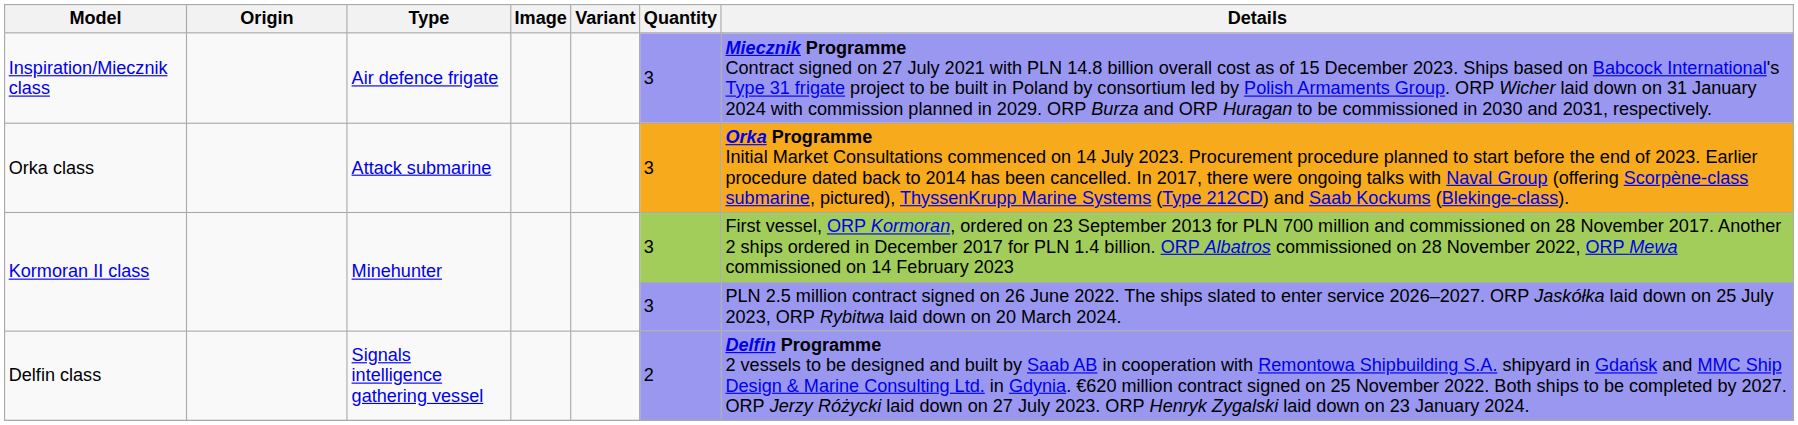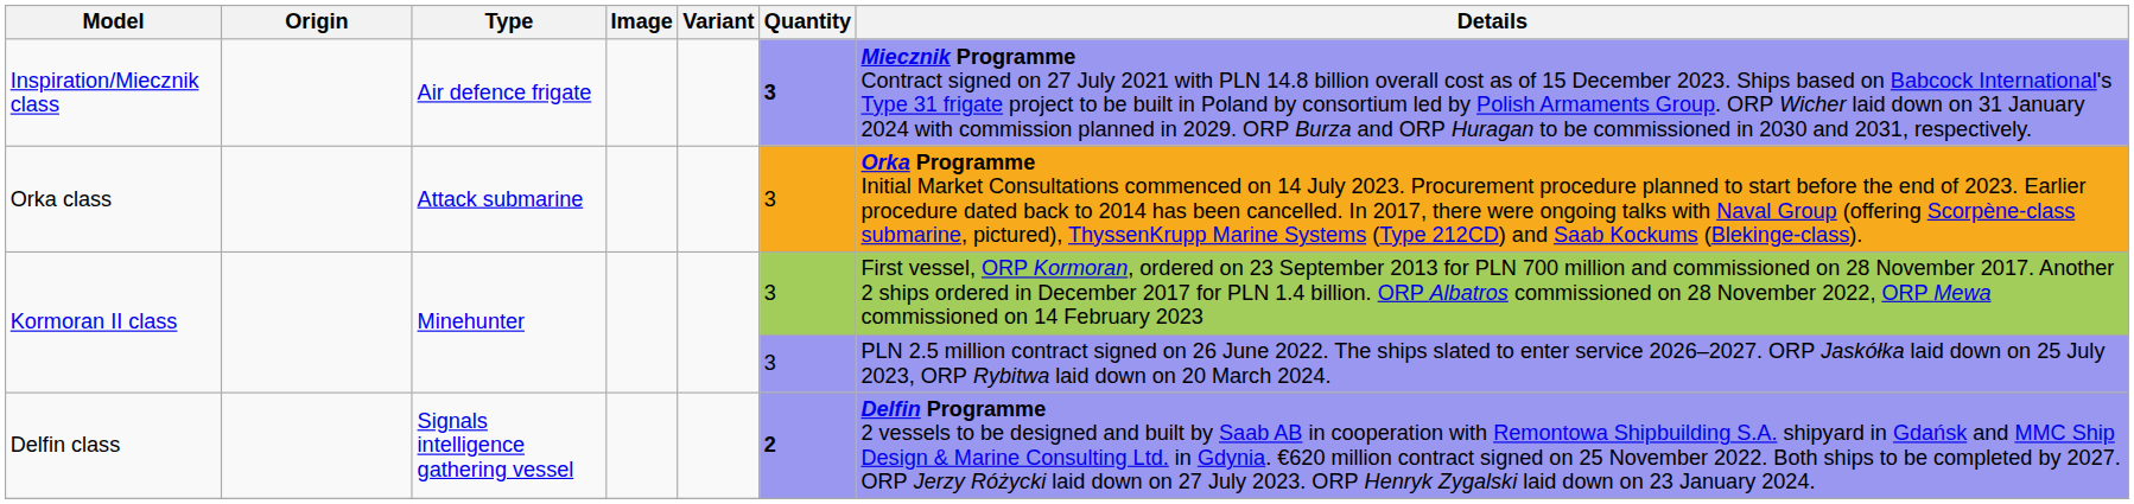 <table class="wikitable" width="100%">
 <tr>
 <th>Model</th>
 <th width="9%">Origin</th>
 <th>Type</th>
 <th>Image</th>
 <th>Variant</th>
 <th>Quantity</th>
 <th>Details</th>
 </tr>
 <tr>
 <td><a href='#'>Inspiration/Miecznik class</a></td>
 <td><br></td>
 <td><a href='#'>Air defence frigate</a></td>
 <td></td>
 <td></td>
-<td style="background:#9997f0">3</td>
+<td style="background:#9997f0"><strong>3</strong></td>
 <td style="background:#9997f0"><strong><a href='#'><em>Miecznik</em></a> Programme</strong><br>Contract signed on 27 July 2021 with PLN 14.8 billion overall cost as of 15 December 2023. Ships based on <a href='#'>Babcock International</a>'s <a href='#'>Type 31 frigate</a> project to be built in Poland by consortium led by <a href='#'>Polish Armaments Group</a>. ORP <em>Wicher</em> laid down on 31 January 2024 with commission planned in 2029. ORP <em>Burza</em> and ORP <em>Huragan</em> to be commissioned in 2030 and 2031, respectively.</td>
 </tr>
 <tr>
 <td>Orka class</td>
 <td></td>
 <td><a href='#'>Attack submarine</a></td>
 <td></td>
 <td></td>
 <td style="background:#f7aa1b">3</td>
 <td style="background:#f7aa1b"><strong><a href='#'><em>Orka</em></a> Programme</strong><br>Initial Market Consultations commenced on 14 July 2023. Procurement procedure planned to start before the end of 2023. Earlier procedure dated back to 2014 has been cancelled. In 2017, there were ongoing talks with <a href='#'>Naval Group</a> (offering <a href='#'>Scorpène-class submarine</a>, pictured), <a href='#'>ThyssenKrupp Marine Systems</a> (<a href='#'>Type 212CD</a>) and <a href='#'>Saab Kockums</a> (<a href='#'>Blekinge-class</a>).</td>
 </tr>
 <tr>
 <td rowspan=2><a href='#'>Kormoran II class</a></td>
 <td rowspan=2></td>
 <td rowspan=2><a href='#'>Minehunter</a></td>
 <td rowspan=2></td>
 <td rowspan=2></td>
 <td style="background:#a2cd5a">3</td>
 <td style="background:#a2cd5a">First vessel, <a href='#'>ORP <em>Kormoran</em></a>, ordered on 23 September 2013 for PLN 700 million and commissioned on 28 November 2017. Another 2 ships ordered in December 2017 for PLN 1.4 billion. <a href='#'>ORP <em>Albatros</em></a> commissioned on 28 November 2022, <a href='#'>ORP <em>Mewa</em></a> commissioned on 14 February 2023</td>
 </tr>
 <tr>
 <td style="background:#9997f0">3</td>
 <td style="background:#9997f0">PLN 2.5 million contract signed on 26 June 2022. The ships slated to enter service 2026–2027. ORP <em>Jaskółka</em> laid down on 25 July 2023, ORP <em>Rybitwa</em> laid down on 20 March 2024.</td>
 </tr>
 <tr>
 <td>Delfin class</td>
 <td><br></td>
 <td><a href='#'>Signals intelligence gathering vessel</a></td>
 <td></td>
 <td></td>
-<td style="background:#9997f0">2</td>
+<td style="background:#9997f0"><strong>2</strong></td>
 <td style="background:#9997f0"><strong><a href='#'><em>Delfin</em></a> Programme</strong><br>2 vessels to be designed and built by <a href='#'>Saab AB</a> in cooperation with <a href='#'>Remontowa Shipbuilding S.A.</a> shipyard in <a href='#'>Gdańsk</a> and <a href='#'>MMC Ship Design & Marine Consulting Ltd.</a> in <a href='#'>Gdynia</a>. €620 million contract signed on 25 November 2022. Both ships to be completed by 2027. ORP <em>Jerzy Różycki</em> laid down on 27 July 2023. ORP <em>Henryk Zygalski</em> laid down on 23 January 2024.</td>
 </tr>
 <tr>
 </tr>
 </table>
